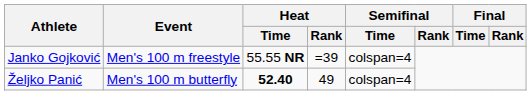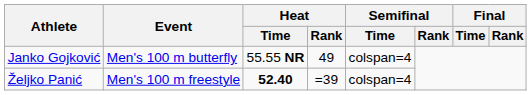 <table class="wikitable" style="font-size:90%;">
 <tr>
 <th rowspan=2>Athlete</th>
 <th rowspan=2>Event</th>
 <th colspan="2">Heat</th>
 <th colspan="2">Semifinal</th>
 <th colspan="2">Final</th>
 </tr>
 <tr style="font-size:95%">
 <th>Time</th>
 <th>Rank</th>
 <th>Time</th>
 <th>Rank</th>
 <th>Time</th>
 <th>Rank</th>
 </tr>
 <tr align=center>
 <td align=left><a href='#'>Janko Gojković</a></td>
-<td align=left><a href='#'>Men's 100 m freestyle</a></td>
+<td align=left><a href='#'>Men's 100 m butterfly</a></td>
 <td>55.55 <strong>NR</strong></td>
-<td>=39</td>
+<td>49</td>
 <td>colspan=4 </td>
 </tr>
 <tr align=center>
 <td align=left><a href='#'>Željko Panić</a></td>
-<td align=left><a href='#'>Men's 100 m butterfly</a></td>
+<td align=left><a href='#'>Men's 100 m freestyle</a></td>
 <td><strong>52.40</strong></td>
-<td>49</td>
+<td>=39</td>
 <td>colspan=4 </td>
 </tr>
 </table>
